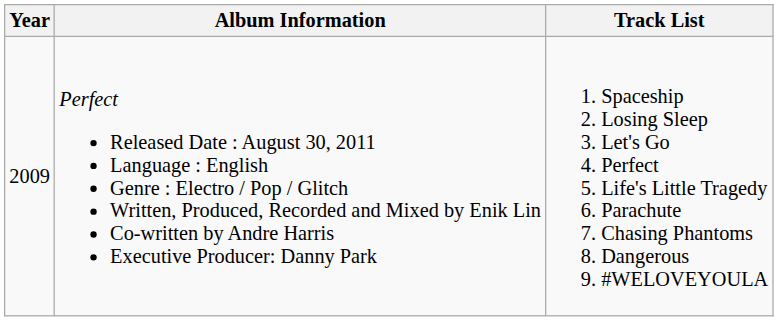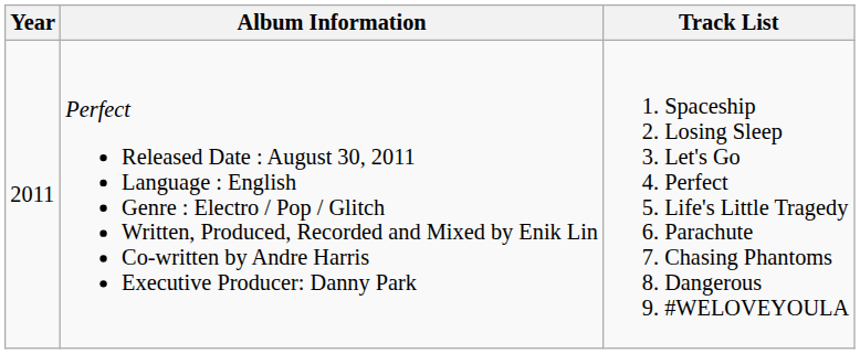 <table class="wikitable">
 <tr>
 <th>Year</th>
 <th>Album Information</th>
 <th>Track List</th>
 </tr>
 <tr>
-<td>2009</td>
+<td>2011</td>
 <td><br><em>Perfect</em><ul><li>Released Date : August 30, 2011</li><li>Language : English</li><li>Genre : Electro / Pop / Glitch</li><li>Written, Produced, Recorded and Mixed by Enik Lin</li><li>Co-written by Andre Harris</li><li>Executive Producer: Danny Park</li></ul></td>
 <td><br><ol><li>Spaceship</li><li>Losing Sleep</li><li>Let's Go</li><li>Perfect</li><li>Life's Little Tragedy</li><li>Parachute</li><li>Chasing Phantoms</li><li>Dangerous</li><li>#WELOVEYOULA</li></ol></td>
 </tr>
 </table>
